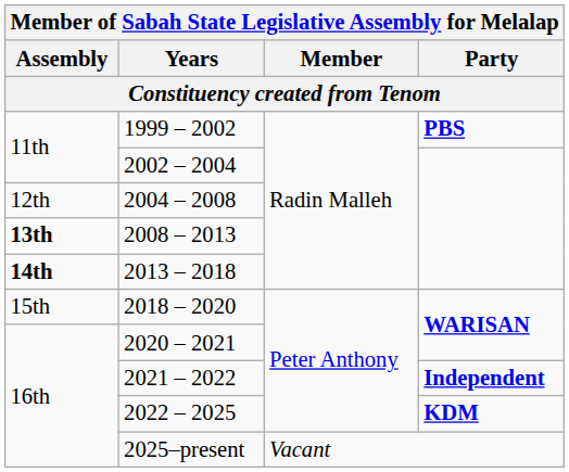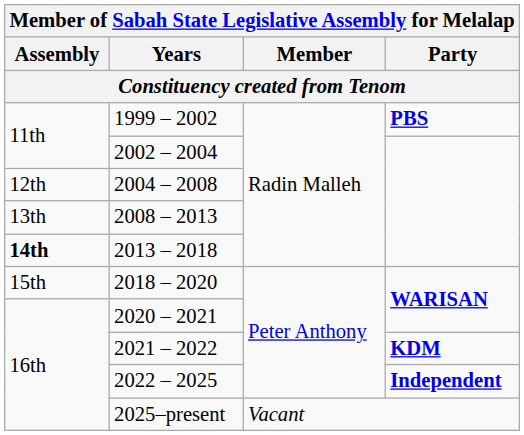 <table class="wikitable">
 <tr>
 <th colspan="4">Member of <a href='#'>Sabah State Legislative Assembly</a> for Melalap</th>
 </tr>
 <tr>
 <th>Assembly</th>
 <th>Years</th>
 <th>Member</th>
 <th>Party</th>
 </tr>
 <tr>
 <th colspan="4" align="center"><em>Constituency created from Tenom</em></th>
 </tr>
 <tr>
 <td rowspan="2">11th</td>
 <td>1999 – 2002</td>
 <td rowspan="5">Radin Malleh</td>
 <td><strong><a href='#'>PBS</a></strong></td>
 </tr>
 <tr>
 <td>2002 – 2004</td>
 <td rowspan=4></td>
 </tr>
 <tr>
 <td>12th</td>
 <td>2004 – 2008</td>
 </tr>
 <tr>
-<td><strong>13th</strong></td>
+<td>13th</td>
 <td>2008 – 2013</td>
 </tr>
 <tr>
 <td><strong>14th</strong></td>
 <td>2013 – 2018</td>
 </tr>
 <tr>
 <td>15th</td>
 <td>2018 – 2020</td>
 <td rowspan="4"><a href='#'>Peter Anthony</a></td>
 <td rowspan=2><strong><a href='#'>WARISAN</a></strong></td>
 </tr>
 <tr>
 <td rowspan="4">16th</td>
 <td>2020 – 2021</td>
 </tr>
 <tr>
 <td>2021 – 2022</td>
-<td><strong><a href='#'>Independent</a></strong></td>
+<td><strong><a href='#'>KDM</a></strong></td>
 </tr>
 <tr>
 <td>2022 – 2025</td>
-<td><strong><a href='#'>KDM</a></strong></td>
+<td><strong><a href='#'>Independent</a></strong></td>
 </tr>
 <tr>
 <td>2025–present</td>
 <td colspan=2><em>Vacant</em></td>
 </tr>
 </table>
